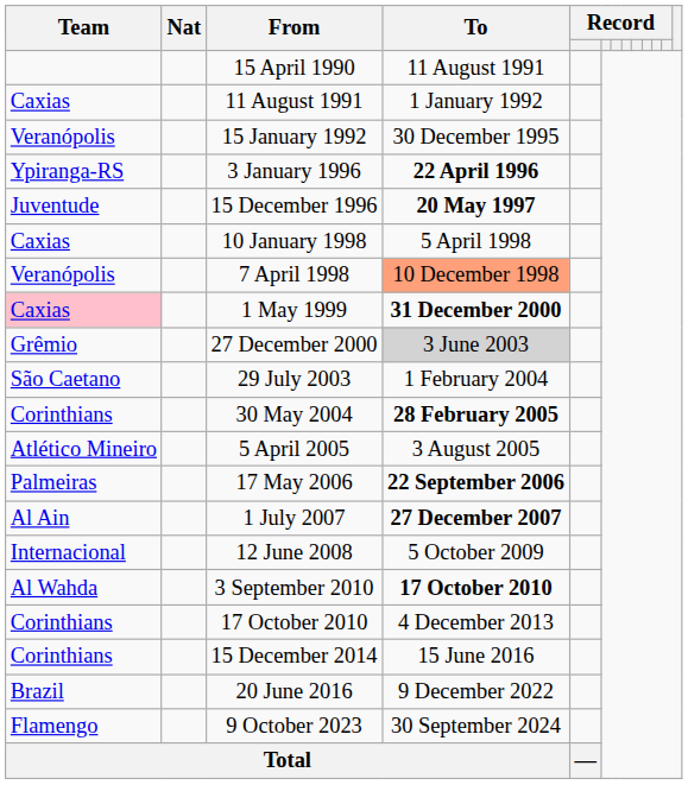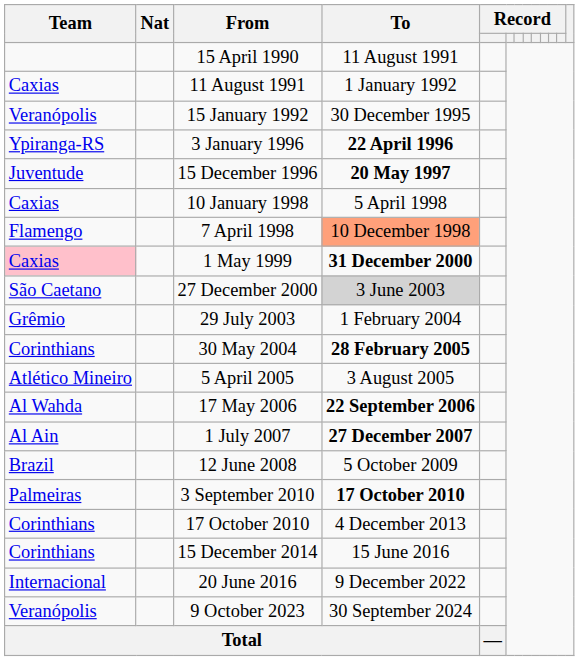 <table class="wikitable" style="text-align: center">
 <tr>
 <th rowspan="2">Team</th>
 <th rowspan="2">Nat</th>
 <th rowspan="2">From</th>
 <th rowspan="2">To</th>
 <th colspan="8">Record</th>
 <th rowspan="2"></th>
 </tr>
 <tr>
 <th></th>
 <th></th>
 <th></th>
 <th></th>
 <th></th>
 <th></th>
 <th></th>
 <th></th>
 </tr>
 <tr>
 <td align="left"></td>
 <td style="text-align:center;"></td>
 <td style="text-align:center;">15 April 1990</td>
 <td style="text-align:center;">11 August 1991<br></td>
 <td></td>
 </tr>
 <tr>
 <td align="left"><a href='#'>Caxias</a></td>
 <td style="text-align:center;"></td>
 <td style="text-align:center;">11 August 1991</td>
 <td style="text-align:center;">1 January 1992<br></td>
 <td></td>
 </tr>
 <tr>
 <td align="left"><a href='#'>Veranópolis</a></td>
 <td style="text-align:center;"></td>
 <td style="text-align:center;">15 January 1992</td>
 <td style="text-align:center;">30 December 1995<br></td>
 <td></td>
 </tr>
 <tr>
 <td align="left"><a href='#'>Ypiranga-RS</a></td>
 <td style="text-align:center;"></td>
 <td style="text-align:center;">3 January 1996</td>
 <td style="text-align:center;"><strong>22 April 1996<br></strong></td>
 <td></td>
 </tr>
 <tr>
 <td align="left"><a href='#'>Juventude</a></td>
 <td style="text-align:center;"></td>
 <td style="text-align:center;">15 December 1996</td>
 <td style="text-align:center;"><strong>20 May 1997<br></strong></td>
 <td></td>
 </tr>
 <tr>
 <td align="left"><a href='#'>Caxias</a></td>
 <td style="text-align:center;"></td>
 <td style="text-align:center;">10 January 1998</td>
 <td style="text-align:center;">5 April 1998<br></td>
 <td></td>
 </tr>
 <tr>
-<td align="left"><a href='#'>Veranópolis</a></td>
+<td align="left"><a href='#'>Flamengo</a></td>
 <td style="text-align:center;"></td>
 <td style="text-align:center;">7 April 1998</td>
 <td style="background: lightsalmon; text-align:center;">10 December 1998<br></td>
 <td></td>
 </tr>
 <tr>
 <td align="left" style="background: pink;"><a href='#'>Caxias</a></td>
 <td style="text-align:center;"></td>
 <td style="text-align:center;">1 May 1999</td>
 <td style="text-align:center;"><strong>31 December 2000<br></strong></td>
 <td></td>
 </tr>
 <tr>
-<td align="left"><a href='#'>Grêmio</a></td>
+<td align="left"><a href='#'>São Caetano</a></td>
 <td style="text-align:center;"></td>
 <td style="text-align:center;">27 December 2000</td>
 <td style="background: lightgrey; text-align:center;">3 June 2003<br></td>
 <td></td>
 </tr>
 <tr>
-<td align="left"><a href='#'>São Caetano</a></td>
+<td align="left"><a href='#'>Grêmio</a></td>
 <td style="text-align:center;"></td>
 <td style="text-align:center;">29 July 2003</td>
 <td style="text-align:center;">1 February 2004<br></td>
 <td></td>
 </tr>
 <tr>
 <td align="left"><a href='#'>Corinthians</a></td>
 <td style="text-align:center;"></td>
 <td style="text-align:center;">30 May 2004</td>
 <td style="text-align:center;"><strong>28 February 2005<br></strong></td>
 <td></td>
 </tr>
 <tr>
 <td align="left"><a href='#'>Atlético Mineiro</a></td>
 <td style="text-align:center;"></td>
 <td style="text-align:center;">5 April 2005</td>
 <td style="text-align:center;">3 August 2005<br> </td>
 <td></td>
 </tr>
 <tr>
-<td align="left"><a href='#'>Palmeiras</a></td>
+<td align="left"><a href='#'>Al Wahda</a></td>
 <td style="text-align:center;"></td>
 <td style="text-align:center;">17 May 2006</td>
 <td style="text-align:center;"><strong>22 September 2006<br></strong></td>
 <td></td>
 </tr>
 <tr>
 <td align="left"><a href='#'>Al Ain</a></td>
 <td style="text-align:center;"></td>
 <td style="text-align:center;">1 July 2007</td>
 <td style="text-align:center;"><strong>27 December 2007<br> </strong></td>
 <td></td>
 </tr>
 <tr>
-<td align="left"><a href='#'>Internacional</a></td>
+<td align="left"><a href='#'>Brazil</a></td>
 <td style="text-align:center;"></td>
 <td style="text-align:center;">12 June 2008</td>
 <td style="text-align:center;">5 October 2009<br> </td>
 <td></td>
 </tr>
 <tr>
-<td align="left"><a href='#'>Al Wahda</a></td>
+<td align="left"><a href='#'>Palmeiras</a></td>
 <td style="text-align:center;"></td>
 <td style="text-align:center;">3 September 2010</td>
 <td style="text-align:center;"><strong>17 October 2010<br> </strong></td>
 <td></td>
 </tr>
 <tr>
 <td align="left"><a href='#'>Corinthians</a></td>
 <td style="text-align:center;"></td>
 <td style="text-align:center;">17 October 2010</td>
 <td style="text-align:center;">4 December 2013<br></td>
 <td></td>
 </tr>
 <tr>
 <td align="left"><a href='#'>Corinthians</a></td>
 <td style="text-align:center;"></td>
 <td style="text-align:center;">15 December 2014</td>
 <td style="text-align:center;">15 June 2016<br></td>
 <td></td>
 </tr>
 <tr>
-<td align="left"><a href='#'>Brazil</a></td>
+<td align="left"><a href='#'>Internacional</a></td>
 <td style="text-align:center;"></td>
 <td style="text-align:center;">20 June 2016</td>
 <td style="text-align:center;">9 December 2022<br></td>
 <td></td>
 </tr>
 <tr>
-<td align="left"><a href='#'>Flamengo</a></td>
+<td align="left"><a href='#'>Veranópolis</a></td>
 <td style="text-align:center;"></td>
 <td style="text-align:center;">9 October 2023</td>
 <td style="text-align:center;">30 September 2024<br></td>
 <td></td>
 </tr>
 <tr>
 <th colspan="4">Total<br></th>
 <th>—</th>
 </tr>
 </table>
